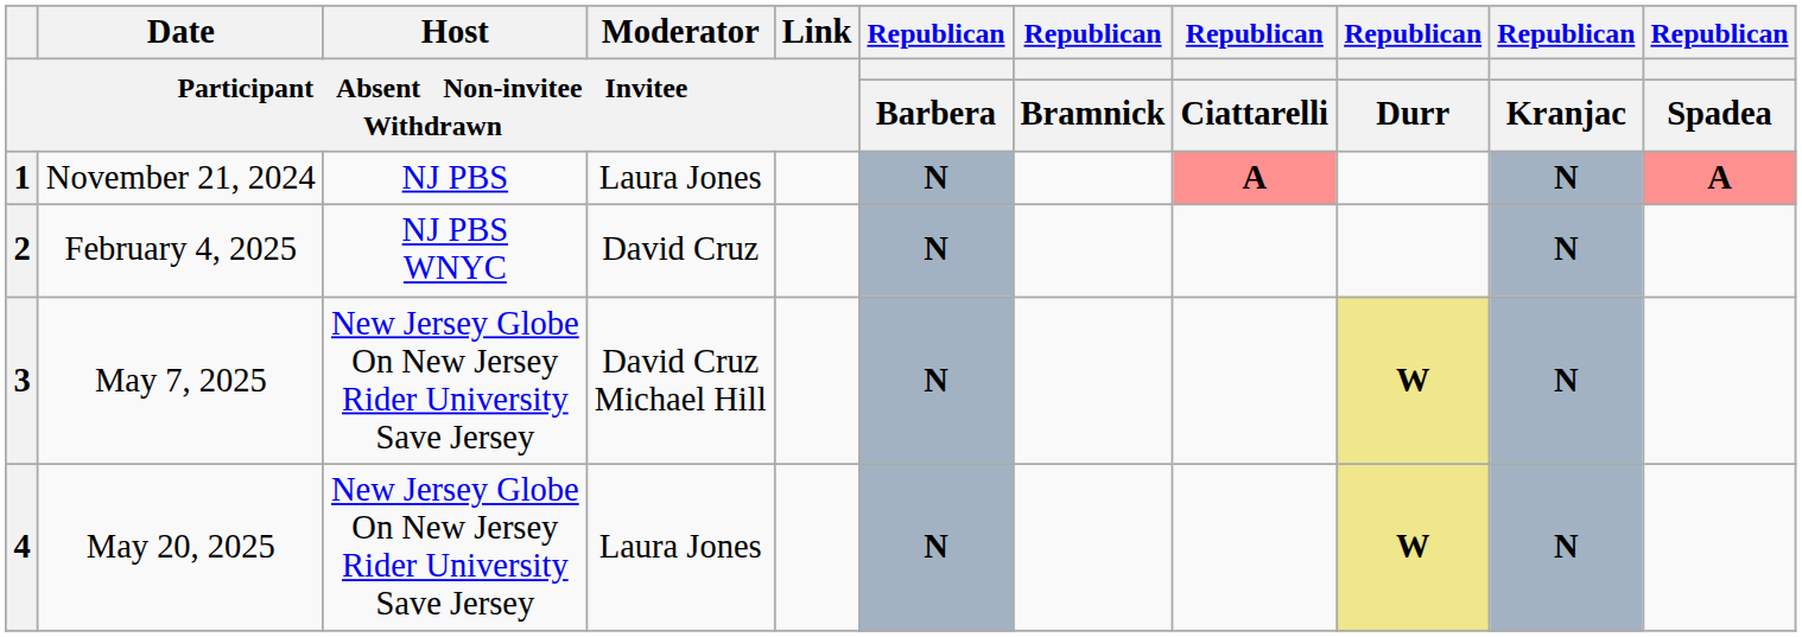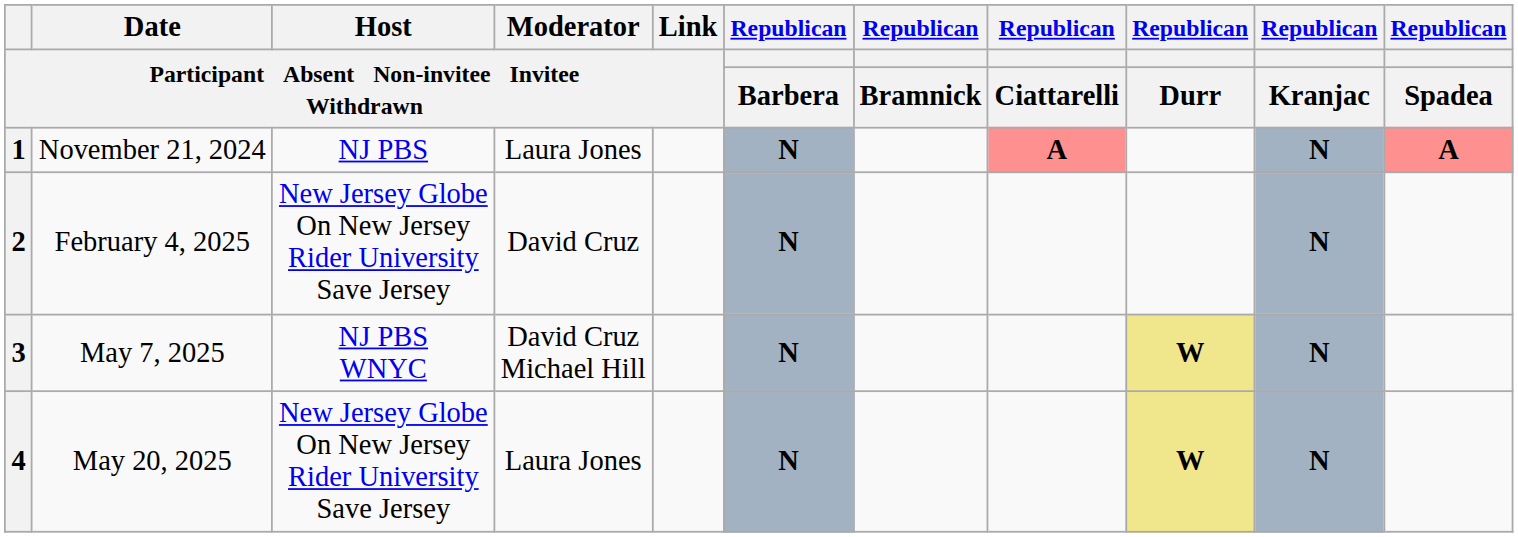 <table class="wikitable" style="text-align:center;">
 <tr>
 <th scope="col"></th>
 <th scope="col">Date</th>
 <th scope="col">Host</th>
 <th scope="col">Moderator</th>
 <th scope="col">Link</th>
 <th scope="col"><small><a href='#'>Republican</a></small></th>
 <th scope="col"><small><a href='#'>Republican</a></small></th>
 <th scope="col"><small><a href='#'>Republican</a></small></th>
 <th scope="col"><small><a href='#'>Republican</a></small></th>
 <th scope="col"><small><a href='#'>Republican</a></small></th>
 <th scope="col"><small><a href='#'>Republican</a></small></th>
 </tr>
 <tr>
 <th colspan="5" rowspan="2"> <small>Participant  </small> <small>Absent  </small> <small>Non-invitee  </small> <small>Invitee<br> Withdrawn</small></th>
 <th scope="col" style="background:"></th>
 <th scope="col" style="background:"></th>
 <th scope="col" style="background:"></th>
 <th scope="col" style="background:"></th>
 <th scope="col" style="background:"></th>
 <th scope="col" style="background:"></th>
 </tr>
 <tr>
 <th scope="col">Barbera</th>
 <th scope="col">Bramnick</th>
 <th scope="col">Ciattarelli</th>
 <th scope="col">Durr</th>
 <th scope="col">Kranjac</th>
 <th scope="col">Spadea</th>
 </tr>
 <tr>
 <th>1</th>
 <td style="white-space:nowrap;">November 21, 2024</td>
 <td style="white-space:nowrap;"><a href='#'>NJ PBS</a></td>
 <td style="white-space:nowrap;">Laura Jones</td>
 <td style="white-space:nowrap;"></td>
 <td style="background:#A2B2C2; color:black; text-align:center;"><strong>N</strong></td>
 <td></td>
 <td style="background:#ff9090; color:black; text-align:center;"><strong>A</strong></td>
 <td></td>
 <td style="background:#A2B2C2; color:black; text-align:center;"><strong>N</strong></td>
 <td style="background:#ff9090; color:black; text-align:center;"><strong>A</strong></td>
 </tr>
 <tr>
 <th>2</th>
 <td style="white-space:nowrap;">February 4, 2025</td>
-<td style="white-space:nowrap;"><a href='#'>NJ PBS</a><br><a href='#'>WNYC</a></td>
+<td style="white-space:nowrap;"><a href='#'>New Jersey Globe</a><br>On New Jersey<br><a href='#'>Rider University</a><br>Save Jersey</td>
 <td style="white-space:nowrap;">David Cruz</td>
 <td style="white-space:nowrap;"></td>
 <td style="background:#A2B2C2; color:black; text-align:center;"><strong>N</strong></td>
 <td></td>
 <td></td>
 <td></td>
 <td style="background:#A2B2C2; color:black; text-align:center;"><strong>N</strong></td>
 <td></td>
 </tr>
 <tr>
 <th>3</th>
 <td style="white-space:nowrap;">May 7, 2025</td>
-<td style="white-space:nowrap;"><a href='#'>New Jersey Globe</a><br>On New Jersey<br><a href='#'>Rider University</a><br>Save Jersey</td>
+<td style="white-space:nowrap;"><a href='#'>NJ PBS</a><br><a href='#'>WNYC</a></td>
 <td style="white-space:nowrap;">David Cruz<br>Michael Hill</td>
 <td style="white-space:nowrap;"></td>
 <td style="background:#A2B2C2; color:black; text-align:center;"><strong>N</strong></td>
 <td></td>
 <td></td>
 <td style="background:#f0e68c; color:black; text-align:center;"><strong>W</strong></td>
 <td style="background:#A2B2C2; color:black; text-align:center;"><strong>N</strong></td>
 <td></td>
 </tr>
 <tr>
 <th>4</th>
 <td style="white-space:nowrap;">May 20, 2025</td>
 <td style="white-space:nowrap;"><a href='#'>New Jersey Globe</a><br>On New Jersey<br><a href='#'>Rider University</a><br>Save Jersey</td>
 <td style="white-space:nowrap;">Laura Jones</td>
 <td style="white-space:nowrap;"></td>
 <td style="background:#A2B2C2; color:black; text-align:center;"><strong>N</strong></td>
 <td></td>
 <td></td>
 <td style="background:#f0e68c; color:black; text-align:center;"><strong>W</strong></td>
 <td style="background:#A2B2C2; color:black; text-align:center;"><strong>N</strong></td>
 <td></td>
 </tr>
 </table>
